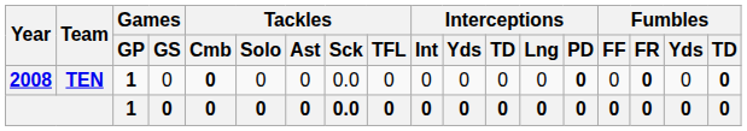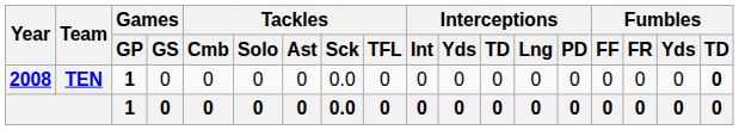 <table class="wikitable" style="text-align:center">
 <tr>
 <th rowspan="2">Year</th>
 <th rowspan="2">Team</th>
 <th colspan="2">Games</th>
 <th colspan="5">Tackles</th>
 <th colspan="5">Interceptions</th>
 <th colspan="4">Fumbles</th>
 </tr>
 <tr>
 <th>GP</th>
 <th>GS</th>
 <th>Cmb</th>
 <th>Solo</th>
 <th>Ast</th>
 <th>Sck</th>
 <th>TFL</th>
 <th>Int</th>
 <th>Yds</th>
 <th>TD</th>
 <th>Lng</th>
 <th>PD</th>
 <th>FF</th>
 <th>FR</th>
 <th>Yds</th>
 <th>TD</th>
 </tr>
 <tr>
 <th><a href='#'>2008</a></th>
 <th><a href='#'>TEN</a></th>
 <td><strong>1</strong></td>
 <td>0</td>
-<td><strong>0</strong></td>
+<td>0</td>
 <td>0</td>
 <td>0</td>
 <td>0.0</td>
 <td>0</td>
 <td>0</td>
 <td>0</td>
 <td>0</td>
 <td>0</td>
-<td><strong>0</strong></td>
 <td>0</td>
-<td><strong>0</strong></td>
+<td>0</td>
+<td>0</td>
 <td>0</td>
 <td><strong>0</strong></td>
 </tr>
 <tr>
 <th colspan="2"></th>
 <th>1</th>
 <th>0</th>
 <th>0</th>
 <th>0</th>
 <th>0</th>
 <th>0.0</th>
 <th>0</th>
 <th>0</th>
 <th>0</th>
 <th>0</th>
 <th>0</th>
 <th>0</th>
 <th>0</th>
 <th>0</th>
 <th>0</th>
 <th>0</th>
 </tr>
 </table>
